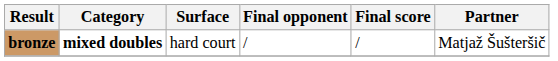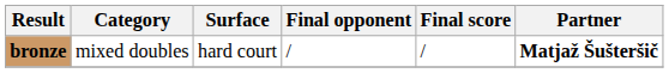 <table class=wikitable>
 <tr>
 <th>Result</th>
 <th>Category</th>
 <th>Surface</th>
 <th>Final opponent</th>
 <th>Final score</th>
 <th>Partner</th>
 </tr>
 <tr bgcolor=white>
 <th style="background:#c96;"><strong>bronze</strong></th>
-<td><strong>mixed doubles</strong></td>
+<td>mixed doubles</td>
 <td>hard court</td>
 <td>/</td>
 <td>/</td>
-<td> Matjaž Šušteršič</td>
+<td><strong> Matjaž Šušteršič</strong></td>
 </tr>
 <tr bgcolor=moccasin>
 </tr>
 </table>
